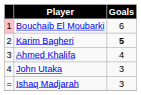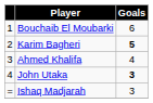 <table border="0" class="wikitable" style="text-align:center;font-size:95%">
 <tr>
 <th scope=col style="color:#FFFFFF; background:#000000;"></th>
 <th scope=col style="color:#FFFFFF; background:#000000;">Player</th>
 <th scope=col style="color:#FFFFFF; background:#000000;">Goals</th>
 </tr>
 <tr>
-<td align=left style="background: pink;">1</td>
+<td align=left>1</td>
 <td align=left> <a href='#'>Bouchaib El Moubarki</a></td>
 <td align=center>6</td>
 </tr>
 <tr>
 <td align=left>2</td>
 <td align=left> <a href='#'>Karim Bagheri</a></td>
 <td align=center><strong>5</strong></td>
 </tr>
 <tr>
 <td align=left>3</td>
 <td align=left> <a href='#'>Ahmed Khalifa</a></td>
 <td align=center>4</td>
 </tr>
 <tr>
 <td align=left>4</td>
 <td align=left> <a href='#'>John Utaka</a></td>
-<td align=center>3</td>
+<td align=center><strong>3</strong></td>
 </tr>
 <tr>
 <td align=left>=</td>
 <td align=left> <a href='#'>Ishaq Madjarah</a></td>
 <td align=center>3</td>
 </tr>
 <tr>
 </tr>
 </table>
